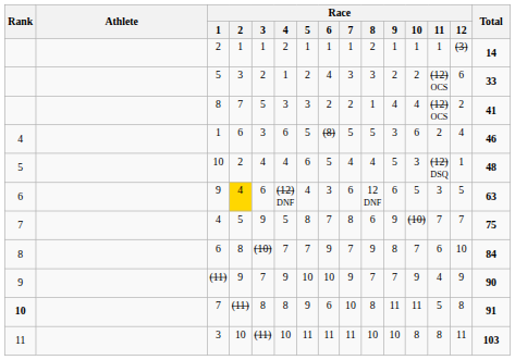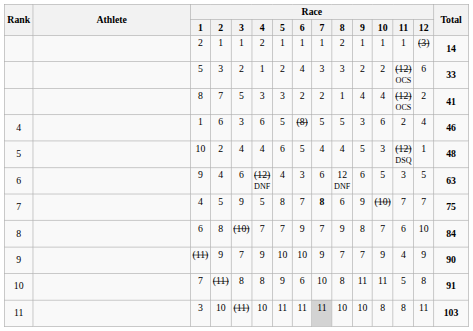 <table | class="wikitable" style="text-align:center">
 <tr>
 <th rowspan="2" width=40>Rank</th>
 <th rowspan="2" width=250>Athlete</th>
 <th colspan="12">Race</th>
 <th rowspan="2" width=50>Total</th>
 </tr>
 <tr>
 <th width=25>1</th>
 <th width=25>2</th>
 <th width=25>3</th>
 <th width=25>4</th>
 <th width=25>5</th>
 <th width=25>6</th>
 <th width=25>7</th>
 <th width=25>8</th>
 <th width=25>9</th>
 <th width=25>10</th>
 <th width=25>11</th>
 <th width=25>12</th>
 </tr>
 <tr>
 <td></td>
 <td align=left></td>
 <td>2<br> </td>
 <td>1<br> </td>
 <td>1<br> </td>
 <td>2<br> </td>
 <td>1<br> </td>
 <td>1<br> </td>
 <td>1<br> </td>
 <td>2<br> </td>
 <td>1<br> </td>
 <td>1<br> </td>
 <td>1<br> </td>
 <td><s>(3)</s><br> </td>
 <td><strong>14</strong></td>
 </tr>
 <tr>
 <td></td>
 <td align=left></td>
 <td>5<br> </td>
 <td>3<br> </td>
 <td>2<br> </td>
 <td>1<br> </td>
 <td>2<br> </td>
 <td>4<br> </td>
 <td>3<br> </td>
 <td>3<br> </td>
 <td>2<br> </td>
 <td>2<br> </td>
 <td><s>(12)</s><br><small>OCS</small></td>
 <td>6<br> </td>
 <td><strong>33</strong></td>
 </tr>
 <tr>
 <td></td>
 <td align=left></td>
 <td>8<br> </td>
 <td>7<br> </td>
 <td>5<br> </td>
 <td>3<br> </td>
 <td>3<br> </td>
 <td>2<br> </td>
 <td>2<br> </td>
 <td>1<br> </td>
 <td>4<br> </td>
 <td>4<br> </td>
 <td><s>(12)</s><br><small>OCS</small></td>
 <td>2<br> </td>
 <td><strong>41</strong></td>
 </tr>
 <tr>
 <td>4</td>
 <td align=left></td>
 <td>1<br> </td>
 <td>6<br> </td>
 <td>3<br> </td>
 <td>6<br> </td>
 <td>5<br> </td>
 <td><s>(8)</s><br> </td>
 <td>5<br> </td>
 <td>5<br> </td>
 <td>3<br> </td>
 <td>6<br> </td>
 <td>2<br> </td>
 <td>4<br> </td>
 <td><strong>46</strong></td>
 </tr>
 <tr>
 <td>5</td>
 <td align=left></td>
 <td>10<br> </td>
 <td>2<br> </td>
 <td>4<br> </td>
 <td>4<br> </td>
 <td>6<br> </td>
 <td>5<br> </td>
 <td>4<br> </td>
 <td>4<br> </td>
 <td>5<br> </td>
 <td>3<br> </td>
 <td><s>(12)</s><br><small>DSQ</small></td>
 <td>1<br> </td>
 <td><strong>48</strong></td>
 </tr>
 <tr>
 <td>6</td>
 <td align=left></td>
 <td>9<br> </td>
-<td style="background: gold;">4<br> </td>
+<td>4<br> </td>
 <td>6<br> </td>
 <td><s>(12)</s><br><small>DNF</small></td>
 <td>4<br> </td>
 <td>3<br> </td>
 <td>6<br> </td>
 <td>12<br><small>DNF</small></td>
 <td>6<br> </td>
 <td>5<br> </td>
 <td>3<br> </td>
 <td>5<br> </td>
 <td><strong>63</strong></td>
 </tr>
 <tr>
 <td>7</td>
 <td align=left></td>
 <td>4<br> </td>
 <td>5<br> </td>
 <td>9<br> </td>
 <td>5<br> </td>
 <td>8<br> </td>
 <td>7<br> </td>
-<td>8<br> </td>
+<td><strong>8<br> </strong></td>
 <td>6<br> </td>
 <td>9<br> </td>
 <td><s>(10)</s><br> </td>
 <td>7<br> </td>
 <td>7<br> </td>
 <td><strong>75</strong></td>
 </tr>
 <tr>
 <td>8</td>
 <td align=left></td>
 <td>6<br> </td>
 <td>8<br> </td>
 <td><s>(10)</s><br> </td>
 <td>7<br> </td>
 <td>7<br> </td>
 <td>9<br> </td>
 <td>7<br> </td>
 <td>9<br> </td>
 <td>8<br> </td>
 <td>7<br> </td>
 <td>6<br> </td>
 <td>10<br> </td>
 <td><strong>84</strong></td>
 </tr>
 <tr>
 <td>9</td>
 <td align=left></td>
 <td><s>(11)</s><br> </td>
 <td>9<br> </td>
 <td>7<br> </td>
 <td>9<br> </td>
 <td>10<br> </td>
 <td>10<br> </td>
 <td>9<br> </td>
 <td>7<br> </td>
 <td>7<br> </td>
 <td>9<br> </td>
 <td>4<br> </td>
 <td>9<br> </td>
 <td><strong>90</strong></td>
 </tr>
 <tr>
-<td><strong>10</strong></td>
+<td>10</td>
 <td align=left></td>
 <td>7<br> </td>
 <td><s>(11)</s><br> </td>
 <td>8<br> </td>
 <td>8<br> </td>
 <td>9<br> </td>
 <td>6<br> </td>
 <td>10<br> </td>
 <td>8<br> </td>
 <td>11<br> </td>
 <td>11<br> </td>
 <td>5<br> </td>
 <td>8<br> </td>
 <td><strong>91</strong></td>
 </tr>
 <tr>
 <td>11</td>
 <td align=left></td>
 <td>3<br> </td>
 <td>10<br> </td>
 <td><s>(11)</s><br> </td>
 <td>10<br> </td>
 <td>11<br> </td>
 <td>11<br> </td>
-<td>11<br> </td>
+<td style="background: lightgrey;">11<br> </td>
 <td>10<br> </td>
 <td>10<br> </td>
 <td>8<br> </td>
 <td>8<br> </td>
 <td>11<br> </td>
 <td><strong>103</strong></td>
 </tr>
 </table>
